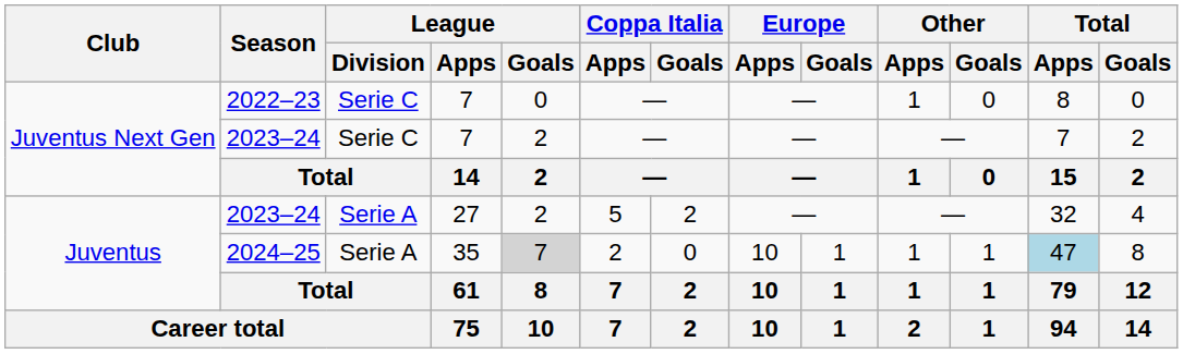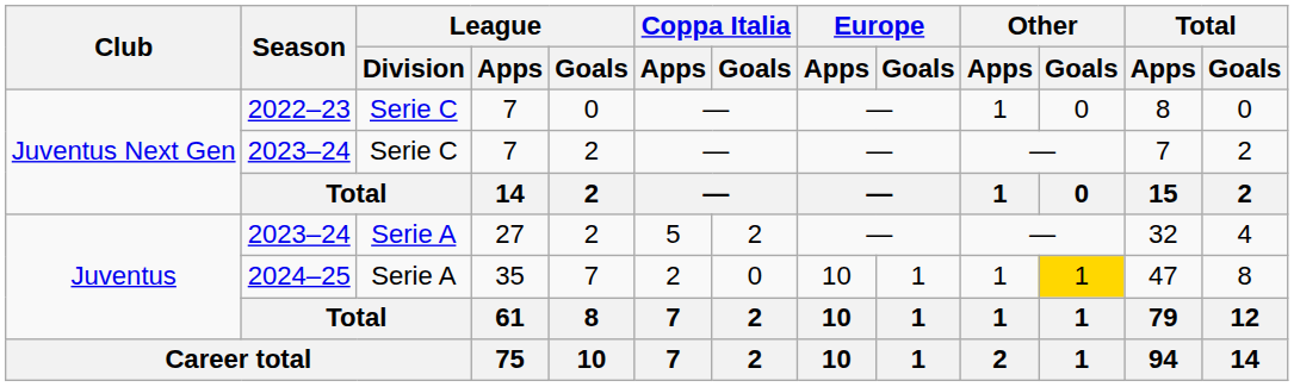 <table class="wikitable" style="text-align:center">
 <tr>
 <th rowspan="2">Club</th>
 <th rowspan="2">Season</th>
 <th colspan="3">League</th>
 <th colspan="2"><a href='#'>Coppa Italia</a></th>
 <th colspan="2"><a href='#'>Europe</a></th>
 <th colspan="2">Other</th>
 <th colspan="2">Total</th>
 </tr>
 <tr>
 <th>Division</th>
 <th>Apps</th>
 <th>Goals</th>
 <th>Apps</th>
 <th>Goals</th>
 <th>Apps</th>
 <th>Goals</th>
 <th>Apps</th>
 <th>Goals</th>
 <th>Apps</th>
 <th>Goals</th>
 </tr>
 <tr>
 <td rowspan="3"><a href='#'>Juventus Next Gen</a></td>
 <td><a href='#'>2022–23</a></td>
 <td><a href='#'>Serie C</a></td>
 <td>7</td>
 <td>0</td>
 <td colspan="2">—</td>
 <td colspan="2">—</td>
 <td>1</td>
 <td>0</td>
 <td>8</td>
 <td>0</td>
 </tr>
 <tr>
 <td><a href='#'>2023–24</a></td>
 <td>Serie C</td>
 <td>7</td>
 <td>2</td>
 <td colspan="2">—</td>
 <td colspan="2">—</td>
 <td colspan="2">—</td>
 <td>7</td>
 <td>2</td>
 </tr>
 <tr>
 <th colspan="2">Total</th>
 <th>14</th>
 <th>2</th>
 <th colspan="2">—</th>
 <th colspan="2">—</th>
 <th>1</th>
 <th>0</th>
 <th>15</th>
 <th>2</th>
 </tr>
 <tr>
 <td rowspan="3"><a href='#'>Juventus</a></td>
 <td><a href='#'>2023–24</a></td>
 <td><a href='#'>Serie A</a></td>
 <td>27</td>
 <td>2</td>
 <td>5</td>
 <td>2</td>
 <td colspan="2">—</td>
 <td colspan="2">—</td>
 <td>32</td>
 <td>4</td>
 </tr>
 <tr>
 <td><a href='#'>2024–25</a></td>
 <td>Serie A</td>
 <td>35</td>
-<td style="background: lightgrey;">7</td>
+<td>7</td>
 <td>2</td>
 <td>0</td>
 <td>10</td>
 <td>1</td>
 <td>1</td>
-<td>1</td>
-<td style="background: lightblue;">47</td>
+<td style="background: gold;">1</td>
+<td>47</td>
 <td>8</td>
 </tr>
 <tr>
 <th colspan="2">Total</th>
 <th>61</th>
 <th>8</th>
 <th>7</th>
 <th>2</th>
 <th>10</th>
 <th>1</th>
 <th>1</th>
 <th>1</th>
 <th>79</th>
 <th>12</th>
 </tr>
 <tr>
 <th colspan="3">Career total</th>
 <th>75</th>
 <th>10</th>
 <th>7</th>
 <th>2</th>
 <th>10</th>
 <th>1</th>
 <th>2</th>
 <th>1</th>
 <th>94</th>
 <th>14</th>
 </tr>
 </table>
